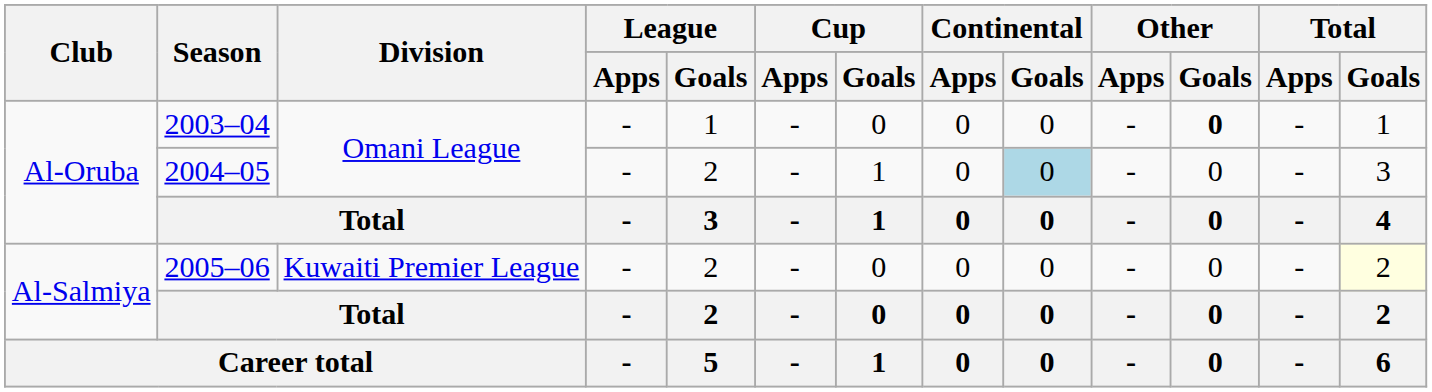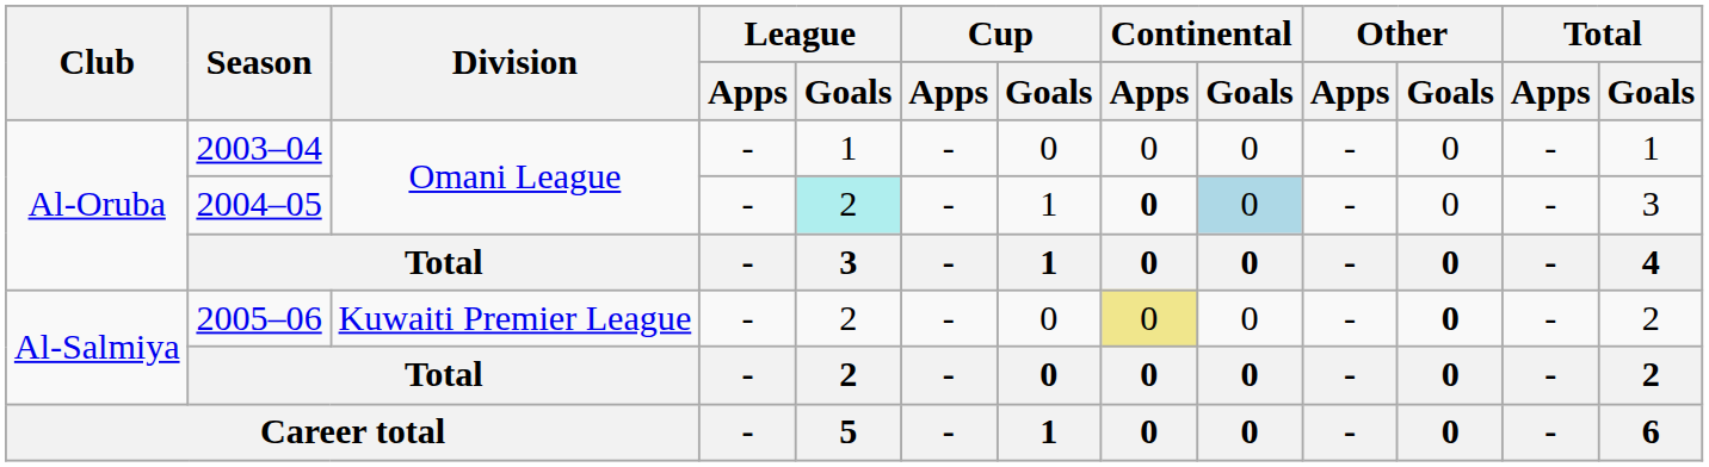 <table class="wikitable" style="text-align: center;">
 <tr>
 <th rowspan="2">Club</th>
 <th rowspan="2">Season</th>
 <th rowspan="2">Division</th>
 <th colspan="2">League</th>
 <th colspan="2">Cup</th>
 <th colspan="2">Continental</th>
 <th colspan="2">Other</th>
 <th colspan="2">Total</th>
 </tr>
 <tr>
 <th>Apps</th>
 <th>Goals</th>
 <th>Apps</th>
 <th>Goals</th>
 <th>Apps</th>
 <th>Goals</th>
 <th>Apps</th>
 <th>Goals</th>
 <th>Apps</th>
 <th>Goals</th>
 </tr>
 <tr>
 <td rowspan="3"><a href='#'>Al-Oruba</a></td>
 <td><a href='#'>2003–04</a></td>
 <td rowspan="2"><a href='#'>Omani League</a></td>
 <td>-</td>
 <td>1</td>
 <td>-</td>
 <td>0</td>
 <td>0</td>
 <td>0</td>
 <td>-</td>
-<td><strong>0</strong></td>
+<td>0</td>
 <td>-</td>
 <td>1</td>
 </tr>
 <tr>
 <td><a href='#'>2004–05</a></td>
 <td>-</td>
-<td>2</td>
+<td style="background: paleturquoise;">2</td>
 <td>-</td>
 <td>1</td>
-<td>0</td>
+<td><strong>0</strong></td>
 <td style="background: lightblue;">0</td>
 <td>-</td>
 <td>0</td>
 <td>-</td>
 <td>3</td>
 </tr>
 <tr>
 <th colspan="2">Total</th>
 <th>-</th>
 <th>3</th>
 <th>-</th>
 <th>1</th>
 <th>0</th>
 <th>0</th>
 <th>-</th>
 <th>0</th>
 <th>-</th>
 <th>4</th>
 </tr>
 <tr>
 <td rowspan="2"><a href='#'>Al-Salmiya</a></td>
 <td><a href='#'>2005–06</a></td>
 <td rowspan="1"><a href='#'>Kuwaiti Premier League</a></td>
 <td>-</td>
 <td>2</td>
 <td>-</td>
 <td>0</td>
-<td>0</td>
+<td style="background: khaki;">0</td>
 <td>0</td>
 <td>-</td>
-<td>0</td>
+<td><strong>0</strong></td>
 <td>-</td>
-<td style="background: lightyellow;">2</td>
+<td>2</td>
 </tr>
 <tr>
 <th colspan="2">Total</th>
 <th>-</th>
 <th>2</th>
 <th>-</th>
 <th>0</th>
 <th>0</th>
 <th>0</th>
 <th>-</th>
 <th>0</th>
 <th>-</th>
 <th>2</th>
 </tr>
 <tr>
 <th colspan="3">Career total</th>
 <th>-</th>
 <th>5</th>
 <th>-</th>
 <th>1</th>
 <th>0</th>
 <th>0</th>
 <th>-</th>
 <th>0</th>
 <th>-</th>
 <th>6</th>
 </tr>
 </table>
